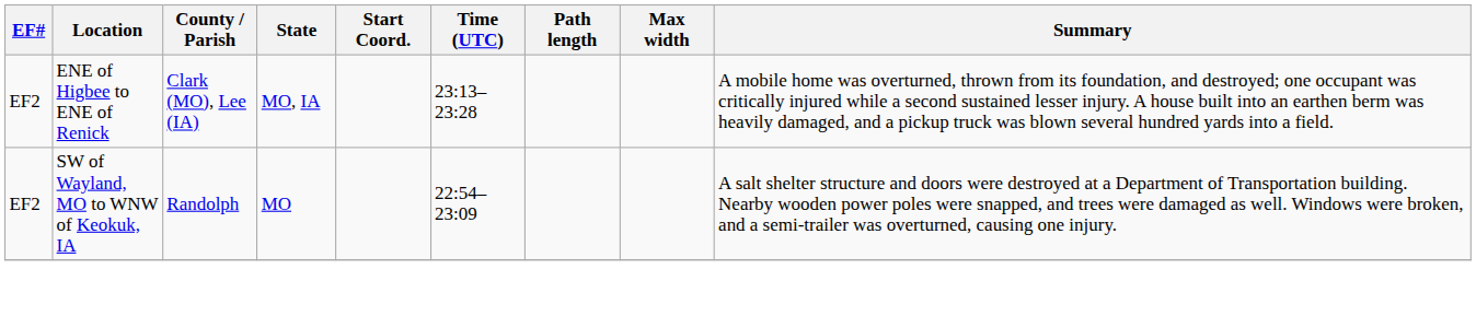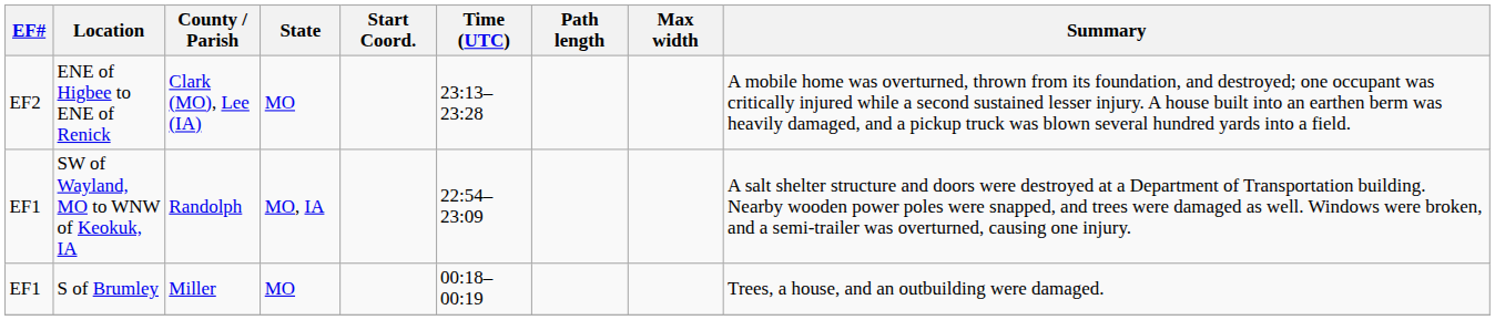 <table class="wikitable sortable" style="width:100%;">
 <tr>
 <th scope="col"  style="width:3%; text-align:center;"><a href='#'>EF#</a></th>
 <th scope="col"  style="width:7%; text-align:center;" class="unsortable">Location</th>
 <th scope="col"  style="width:6%; text-align:center;" class="unsortable">County / Parish</th>
 <th scope="col"  style="width:5%; text-align:center;">State</th>
 <th scope="col"  style="width:6%; text-align:center;">Start Coord.</th>
 <th scope="col"  style="width:6%; text-align:center;">Time (<a href='#'>UTC</a>)</th>
 <th scope="col"  style="width:6%; text-align:center;">Path length</th>
 <th scope="col"  style="width:6%; text-align:center;">Max width</th>
 <th scope="col" class="unsortable" style="width:48%; text-align:center;">Summary</th>
 </tr>
 <tr>
 <td>EF2</td>
 <td>ENE of <a href='#'>Higbee</a> to ENE of <a href='#'>Renick</a></td>
 <td><a href='#'>Clark (MO)</a>, <a href='#'>Lee (IA)</a></td>
-<td><a href='#'>MO</a>, <a href='#'>IA</a></td>
+<td><a href='#'>MO</a></td>
 <td></td>
 <td>23:13–23:28</td>
 <td></td>
 <td></td>
 <td>A mobile home was overturned, thrown from its foundation, and destroyed; one occupant was critically injured while a second sustained lesser injury. A house built into an earthen berm was heavily damaged, and a pickup truck was blown several hundred yards into a field.</td>
 </tr>
 <tr>
-<td>EF2</td>
+<td>EF1</td>
 <td>SW of <a href='#'>Wayland, MO</a> to WNW of <a href='#'>Keokuk, IA</a></td>
 <td><a href='#'>Randolph</a></td>
-<td><a href='#'>MO</a></td>
+<td><a href='#'>MO</a>, <a href='#'>IA</a></td>
 <td></td>
 <td>22:54–23:09</td>
 <td></td>
 <td></td>
 <td>A salt shelter structure and doors were destroyed at a Department of Transportation building. Nearby wooden power poles were snapped, and trees were damaged as well. Windows were broken, and a semi-trailer was overturned, causing one injury.</td>
 </tr>
 <tr>
+<td>EF1</td>
+<td>S of <a href='#'>Brumley</a></td>
+<td><a href='#'>Miller</a></td>
+<td><a href='#'>MO</a></td>
+<td></td>
+<td>00:18–00:19</td>
+<td></td>
+<td></td>
+<td>Trees, a house, and an outbuilding were damaged.</td>
+</tr>
+<tr>
 </tr>
 </table>
